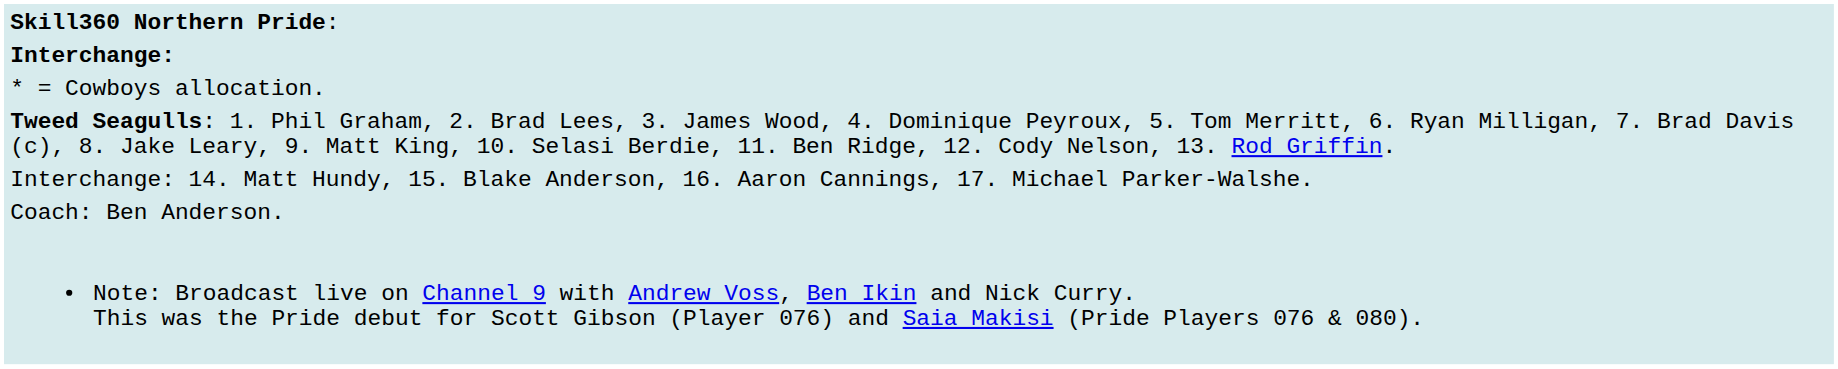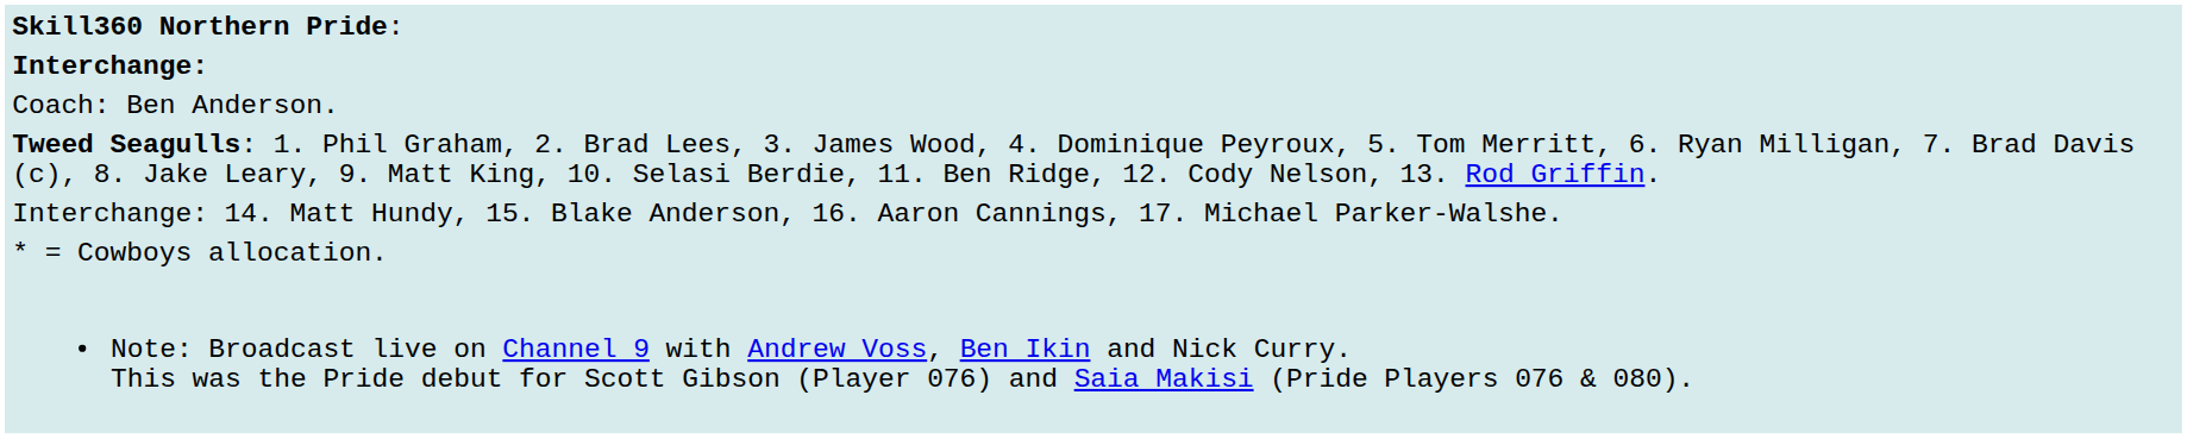 <table style="background:#d7ebed; font-size:85%; width:100%;">
 <tr>
 <td><strong>Skill360 Northern Pride</strong>:             </td>
 </tr>
 <tr>
 <td><strong>Interchange:    </strong></td>
 </tr>
 <tr>
-<td>* = Cowboys allocation.</td>
+<td>Coach: Ben Anderson.</td>
 </tr>
 <tr>
 <td><strong>Tweed Seagulls</strong>: 1. Phil Graham, 2. Brad Lees, 3. James Wood, 4. Dominique Peyroux, 5. Tom Merritt, 6. Ryan Milligan, 7. Brad Davis (c), 8. Jake Leary, 9. Matt King, 10. Selasi Berdie, 11. Ben Ridge, 12. Cody Nelson, 13. <a href='#'>Rod Griffin</a>.</td>
 </tr>
 <tr>
 <td>Interchange: 14. Matt Hundy, 15. Blake Anderson, 16. Aaron Cannings, 17. Michael Parker-Walshe.</td>
 </tr>
 <tr>
-<td>Coach: Ben Anderson.</td>
+<td>* = Cowboys allocation.</td>
 </tr>
 <tr>
 <td><br><ul><li>Note: Broadcast live on <a href='#'>Channel 9</a> with <a href='#'>Andrew Voss</a>, <a href='#'>Ben Ikin</a> and Nick Curry.<br>This was the Pride debut for Scott Gibson (Player 076) and <a href='#'>Saia Makisi</a> (Pride Players 076 & 080).</li></ul></td>
 </tr>
 <tr>
 </tr>
 </table>
